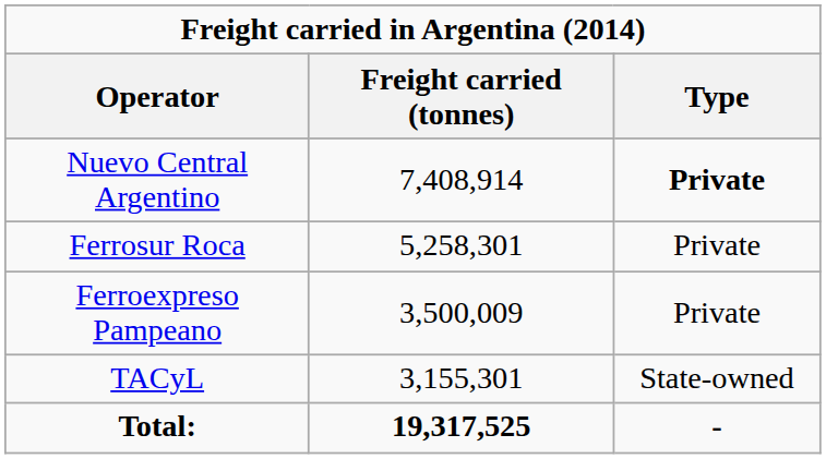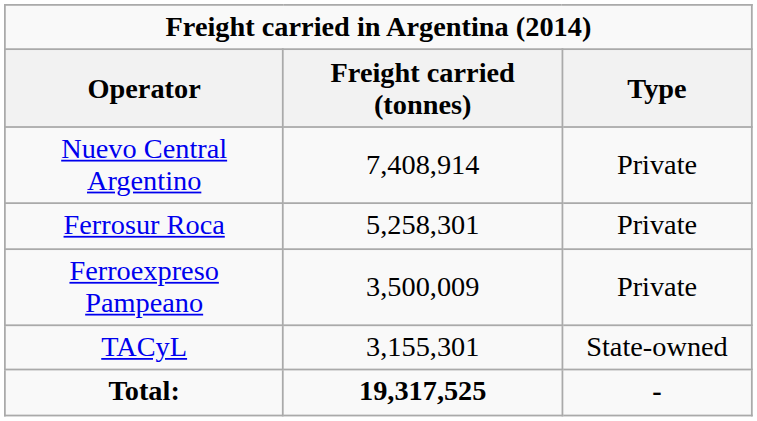 <table class="wikitable" style="text-align:center">
 <tr>
 <td colspan=3 style="text-align:center;"><strong>Freight carried in Argentina (2014)</strong></td>
 </tr>
 <tr>
 <th width=150px>Operator</th>
 <th width=150px>Freight carried (tonnes)</th>
 <th width=100px>Type</th>
 </tr>
 <tr>
 <td><a href='#'>Nuevo Central Argentino</a></td>
 <td>7,408,914</td>
-<td><strong>Private</strong></td>
+<td>Private</td>
 </tr>
 <tr>
 <td><a href='#'>Ferrosur Roca</a></td>
 <td>5,258,301</td>
 <td>Private</td>
 </tr>
 <tr>
 <td><a href='#'>Ferroexpreso Pampeano</a></td>
 <td>3,500,009</td>
 <td>Private</td>
 </tr>
 <tr>
 <td><a href='#'>TACyL</a></td>
 <td>3,155,301</td>
 <td>State-owned</td>
 </tr>
 <tr>
 <td><strong>Total:</strong></td>
 <td><strong>19,317,525</strong></td>
 <td><strong>-</strong></td>
 </tr>
 </table>
